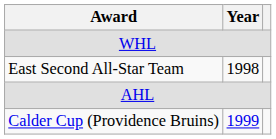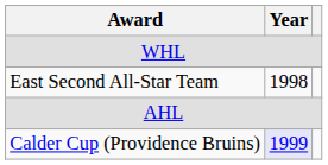 <table class="wikitable">
 <tr>
 <th>Award</th>
 <th>Year</th>
 <th></th>
 </tr>
 <tr ALIGN="center" bgcolor="#e0e0e0">
 <td colspan="3"><a href='#'>WHL</a></td>
 </tr>
 <tr>
 <td>East Second All-Star Team</td>
 <td>1998</td>
 <td></td>
 </tr>
 <tr ALIGN="center" bgcolor="#e0e0e0">
 <td colspan="3"><a href='#'>AHL</a></td>
 </tr>
 <tr>
 <td><a href='#'>Calder Cup</a> (Providence Bruins)</td>
-<td><a href='#'>1999</a></td>
+<td style="background: lavender;"><a href='#'>1999</a></td>
 <td></td>
 </tr>
 </table>
